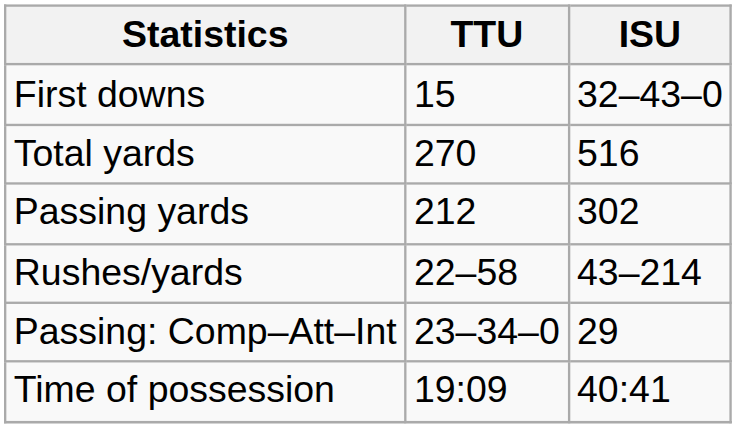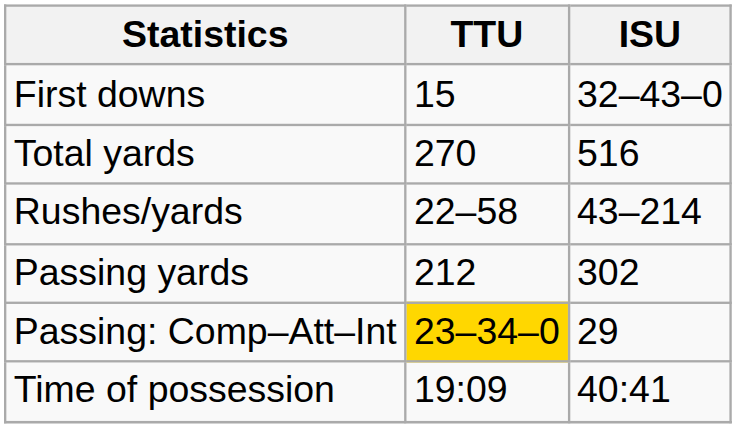 <table class="wikitable" style="float: left;">
 <tr>
 <th>Statistics</th>
 <th>TTU</th>
 <th>ISU</th>
 </tr>
 <tr>
 <td>First downs</td>
 <td>15</td>
 <td>32–43–0</td>
 </tr>
 <tr>
 <td>Total yards</td>
 <td>270</td>
 <td>516</td>
 </tr>
 <tr>
+<td>Rushes/yards</td>
+<td>22–58</td>
+<td>43–214</td>
+</tr>
+<tr>
 <td>Passing yards</td>
 <td>212</td>
 <td>302</td>
 </tr>
 <tr>
-<td>Rushes/yards</td>
-<td>22–58</td>
-<td>43–214</td>
-</tr>
-<tr>
 <td>Passing: Comp–Att–Int</td>
-<td>23–34–0</td>
+<td style="background: gold;">23–34–0</td>
 <td>29</td>
 </tr>
 <tr>
 <td>Time of possession</td>
 <td>19:09</td>
 <td>40:41</td>
 </tr>
 <tr>
 </tr>
 </table>
